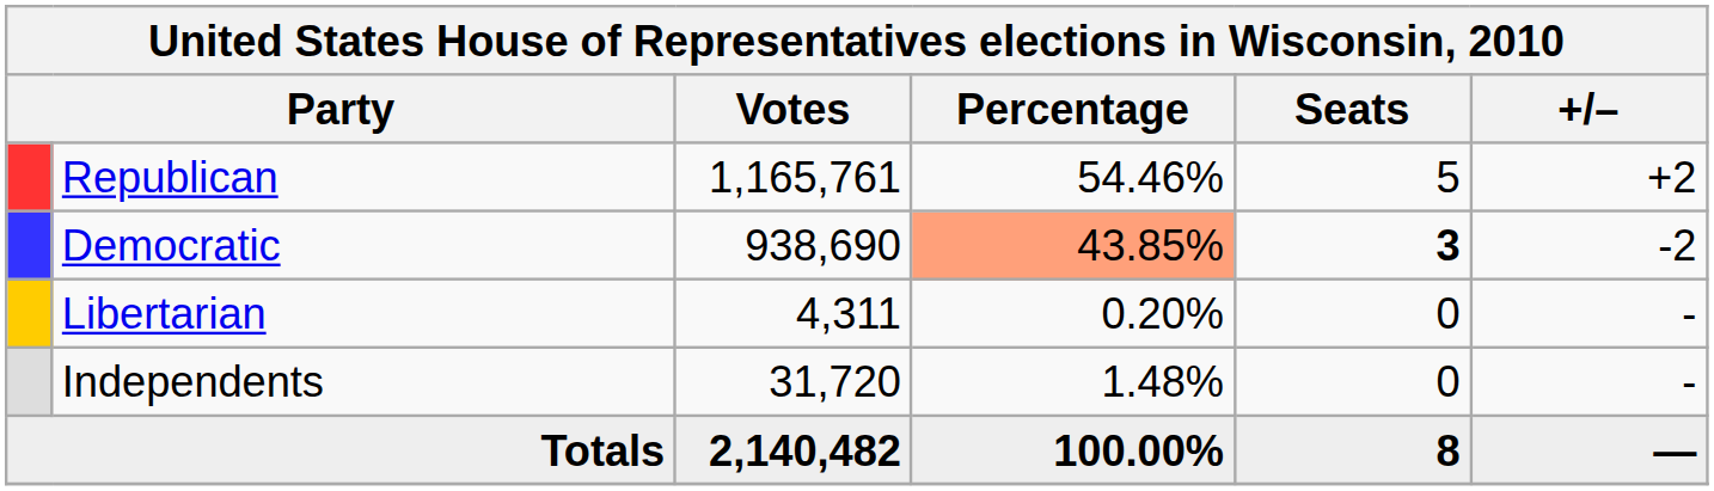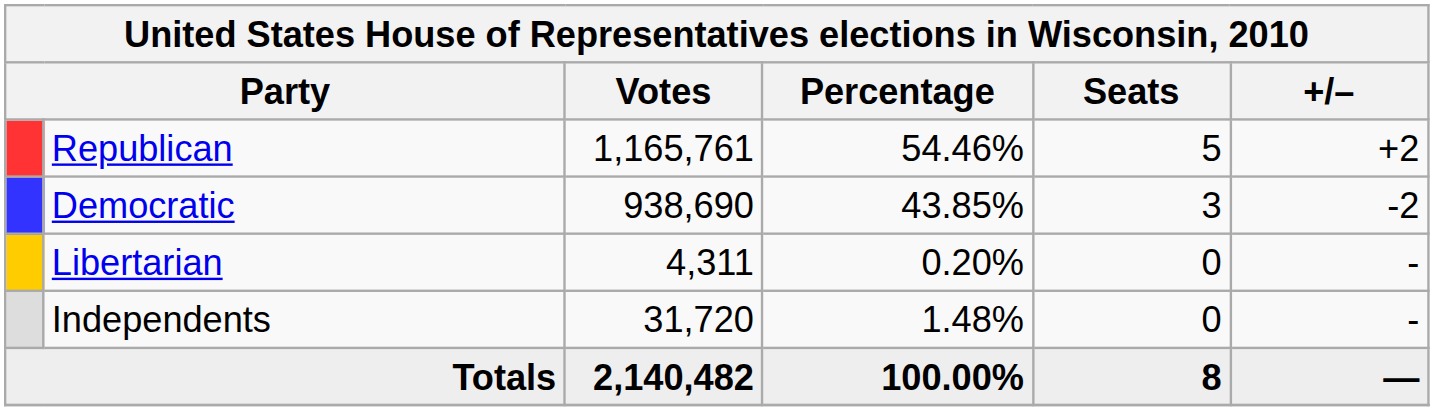 <table class="wikitable" style="font-size: 95%;">
 <tr>
 <th colspan="6">United States House of Representatives elections in Wisconsin, 2010</th>
 </tr>
 <tr>
 <th colspan=2 style="width: 15em">Party</th>
 <th style="width: 5em">Votes</th>
 <th style="width: 7em">Percentage</th>
 <th style="width: 5em">Seats</th>
 <th style="width: 5em">+/–</th>
 </tr>
 <tr>
 <th style="background-color:#FF3333; width: 3px"></th>
 <td style="width: 130px"><a href='#'>Republican</a></td>
 <td align="right">1,165,761</td>
 <td align="right">54.46%</td>
 <td align="right">5</td>
 <td align="right">+2</td>
 </tr>
 <tr>
 <th style="background-color:#3333FF; width: 3px"></th>
 <td style="width: 130px"><a href='#'>Democratic</a></td>
 <td align="right">938,690</td>
-<td align="right" style="background: lightsalmon;">43.85%</td>
-<td align="right"><strong>3</strong></td>
+<td align="right">43.85%</td>
+<td align="right">3</td>
 <td align="right">-2</td>
 </tr>
 <tr>
 <th style="background-color:#FFCC00; width: 3px"></th>
 <td style="width: 130px"><a href='#'>Libertarian</a></td>
 <td align="right">4,311</td>
 <td align="right">0.20%</td>
 <td align="right">0</td>
 <td align="right">-</td>
 </tr>
 <tr>
 <th style="background-color:#DDDDDD; width: 3px"></th>
 <td style="width: 130px">Independents</td>
 <td align="right">31,720</td>
 <td align="right">1.48%</td>
 <td align="right">0</td>
 <td align="right">-</td>
 </tr>
 <tr bgcolor="#EEEEEE">
 <td colspan="2" align="right"><strong>Totals</strong></td>
 <td align="right"><strong>2,140,482</strong></td>
 <td align="right"><strong>100.00%</strong></td>
 <td align="right"><strong>8</strong></td>
 <td align="right"><strong>—</strong></td>
 </tr>
 <tr bgcolor="#EEEEEE">
 </tr>
 </table>
